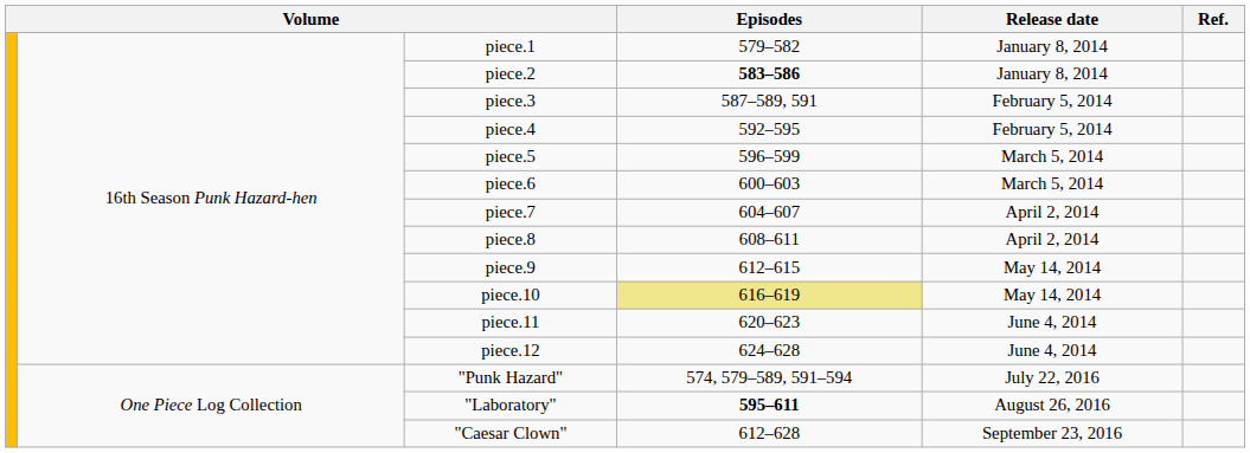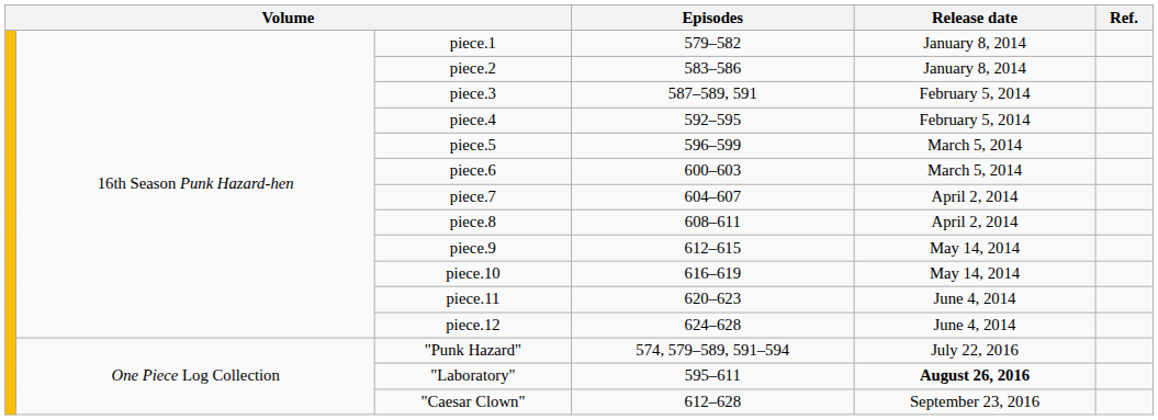 <table class="wikitable" style="text-align: center; width: 90%;">
 <tr>
 <th colspan="3">Volume</th>
 <th>Episodes</th>
 <th>Release date</th>
 <th style="width:5%;">Ref.</th>
 </tr>
 <tr>
 <td rowspan="48" style="width:1%; background:#FEBE00;"></td>
 <td rowspan="12">16th Season <em>Punk Hazard-hen</em></td>
 <td>piece.1</td>
 <td>579–582</td>
 <td>January 8, 2014</td>
 <td></td>
 </tr>
 <tr>
 <td>piece.2</td>
-<td><strong>583–586</strong></td>
+<td>583–586</td>
 <td>January 8, 2014</td>
 <td></td>
 </tr>
 <tr>
 <td>piece.3</td>
 <td>587–589, 591</td>
 <td>February 5, 2014</td>
 <td></td>
 </tr>
 <tr>
 <td>piece.4</td>
 <td>592–595</td>
 <td>February 5, 2014</td>
 <td></td>
 </tr>
 <tr>
 <td>piece.5</td>
 <td>596–599</td>
 <td>March 5, 2014</td>
 <td></td>
 </tr>
 <tr>
 <td>piece.6</td>
 <td>600–603</td>
 <td>March 5, 2014</td>
 <td></td>
 </tr>
 <tr>
 <td>piece.7</td>
 <td>604–607</td>
 <td>April 2, 2014</td>
 <td></td>
 </tr>
 <tr>
 <td>piece.8</td>
 <td>608–611</td>
 <td>April 2, 2014</td>
 <td></td>
 </tr>
 <tr>
 <td>piece.9</td>
 <td>612–615</td>
 <td>May 14, 2014</td>
 <td></td>
 </tr>
 <tr>
 <td>piece.10</td>
-<td style="background: khaki;">616–619</td>
+<td>616–619</td>
 <td>May 14, 2014</td>
 <td></td>
 </tr>
 <tr>
 <td>piece.11</td>
 <td>620–623</td>
 <td>June 4, 2014</td>
 <td></td>
 </tr>
 <tr>
 <td>piece.12</td>
 <td>624–628</td>
 <td>June 4, 2014</td>
 <td></td>
 </tr>
 <tr>
 <td rowspan="3"><em>One Piece</em> Log Collection</td>
 <td>"Punk Hazard"</td>
 <td>574, 579–589, 591–594</td>
 <td>July 22, 2016</td>
 <td></td>
 </tr>
 <tr>
 <td>"Laboratory"</td>
-<td><strong>595–611</strong></td>
-<td>August 26, 2016</td>
+<td>595–611</td>
+<td><strong>August 26, 2016</strong></td>
 <td></td>
 </tr>
 <tr>
 <td>"Caesar Clown"</td>
 <td>612–628</td>
 <td>September 23, 2016</td>
 <td></td>
 </tr>
 </table>
